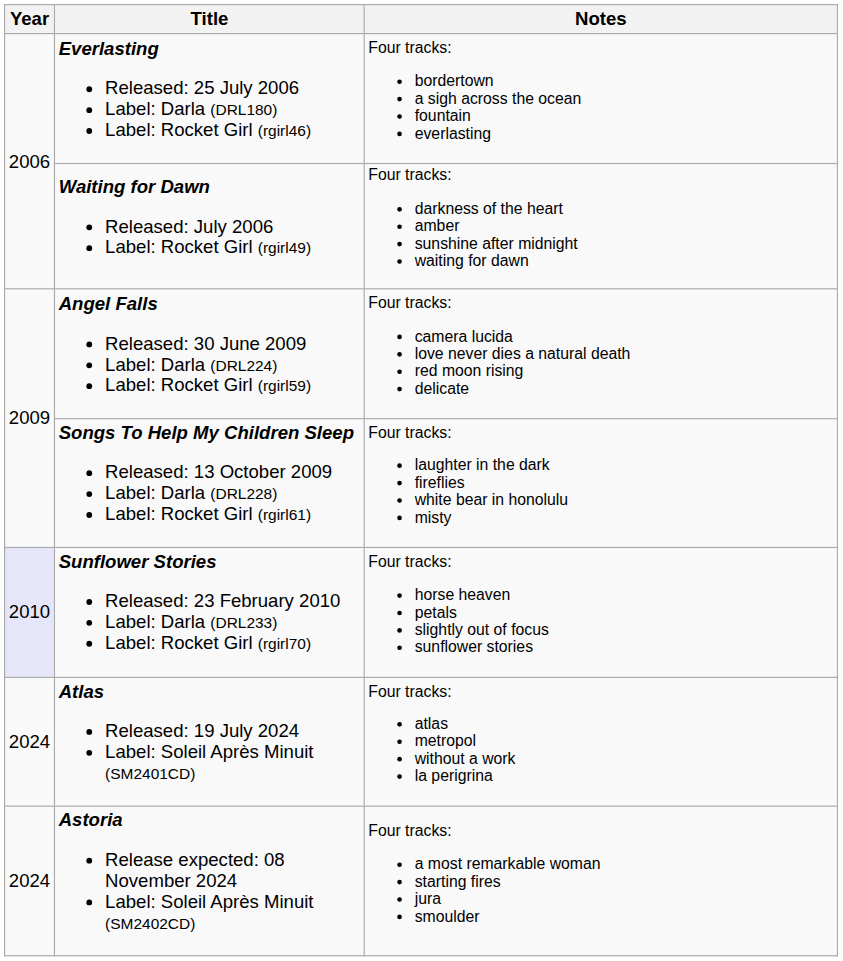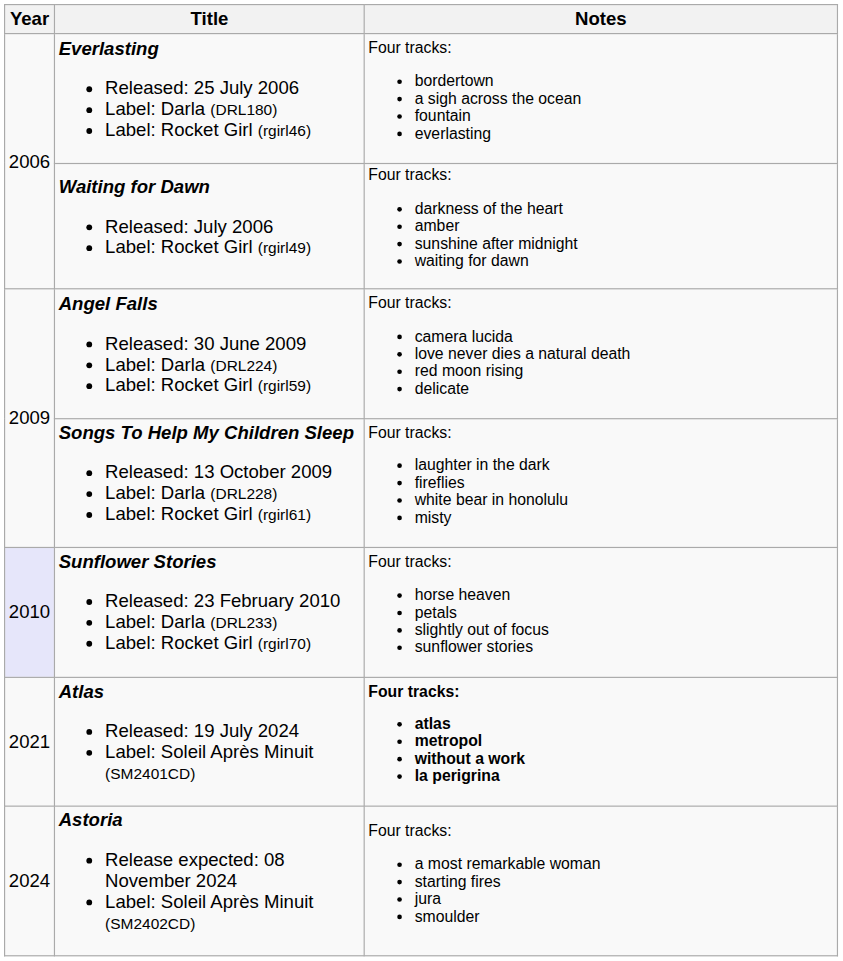 <table class="wikitable">
 <tr>
 <th width="33">Year</th>
 <th width="260">Title</th>
 <th width="400">Notes</th>
 </tr>
 <tr>
 <td align="center"  rowspan="2">2006</td>
 <td><strong><em>Everlasting</em></strong><br><ul><li>Released: 25 July 2006</li><li>Label: Darla <small>(DRL180)</small></li><li>Label: Rocket Girl <small>(rgirl46)</small></li></ul></td>
 <td style="font-size:85%;">Four tracks:<br><ul><li>bordertown</li><li>a sigh across the ocean</li><li>fountain</li><li>everlasting</li></ul></td>
 </tr>
 <tr>
 <td><strong><em>Waiting for Dawn</em></strong><br><ul><li>Released: July 2006</li><li>Label: Rocket Girl <small>(rgirl49)</small></li></ul></td>
 <td style="font-size:85%;">Four tracks:<br><ul><li>darkness of the heart</li><li>amber</li><li>sunshine after midnight</li><li>waiting for dawn</li></ul></td>
 </tr>
 <tr>
 <td align="center"  rowspan="2">2009</td>
 <td><strong><em>Angel Falls</em></strong><br><ul><li>Released: 30 June 2009</li><li>Label: Darla <small>(DRL224)</small></li><li>Label: Rocket Girl <small>(rgirl59)</small></li></ul></td>
 <td style="font-size:85%;">Four tracks:<br><ul><li>camera lucida</li><li>love never dies a natural death</li><li>red moon rising</li><li>delicate</li></ul></td>
 </tr>
 <tr>
 <td><strong><em>Songs To Help My Children Sleep</em></strong><br><ul><li>Released: 13 October 2009</li><li>Label: Darla <small>(DRL228)</small></li><li>Label: Rocket Girl <small>(rgirl61)</small></li></ul></td>
 <td style="font-size:85%;">Four tracks:<br><ul><li>laughter in the dark</li><li>fireflies</li><li>white bear in honolulu</li><li>misty</li></ul></td>
 </tr>
 <tr>
 <td align="center" style="background: lavender;">2010</td>
 <td><strong><em>Sunflower Stories</em></strong><br><ul><li>Released: 23 February 2010</li><li>Label: Darla <small>(DRL233)</small></li><li>Label: Rocket Girl <small>(rgirl70)</small></li></ul></td>
 <td style="font-size:85%;">Four tracks:<br><ul><li>horse heaven</li><li>petals</li><li>slightly out of focus</li><li>sunflower stories</li></ul></td>
 </tr>
 <tr>
-<td align="center">2024</td>
+<td align="center">2021</td>
 <td><strong><em>Atlas</em></strong><br><ul><li>Released: 19 July 2024</li><li>Label: Soleil Après Minuit <small>(SM2401CD)</small></li></ul></td>
-<td style="font-size:85%;">Four tracks:<br><ul><li>atlas</li><li>metropol</li><li>without a work</li><li>la perigrina</li></ul></td>
+<td style="font-size:85%;"><strong>Four tracks:<br><ul><li>atlas</li><li>metropol</li><li>without a work</li><li>la perigrina</li></ul></strong></td>
 </tr>
 <tr>
 <td align="center">2024</td>
 <td><strong><em>Astoria</em></strong><br><ul><li>Release expected: 08 November 2024</li><li>Label: Soleil Après Minuit <small>(SM2402CD)</small></li></ul></td>
 <td style="font-size:85%;">Four tracks:<br><ul><li>a most remarkable woman</li><li>starting fires</li><li>jura</li><li>smoulder</li></ul></td>
 </tr>
 </table>
